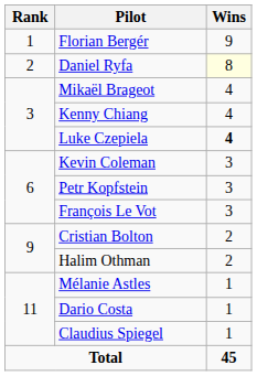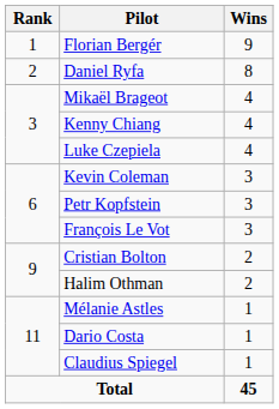 <table class="wikitable">
 <tr>
 <th width="45">Rank</th>
 <th width="150">Pilot</th>
 <th width="40">Wins</th>
 </tr>
 <tr>
 <td align=center>1</td>
 <td> <a href='#'>Florian Bergér</a></td>
 <td align=center>9</td>
 </tr>
 <tr>
 <td align=center>2</td>
 <td> <a href='#'>Daniel Ryfa</a></td>
-<td align=center style="background: lightyellow;">8</td>
+<td align=center>8</td>
 </tr>
 <tr>
 <td rowspan=3 align=center>3</td>
 <td> <a href='#'>Mikaël Brageot</a></td>
 <td align=center>4</td>
 </tr>
 <tr>
 <td> <a href='#'>Kenny Chiang</a></td>
 <td align=center>4</td>
 </tr>
 <tr>
 <td> <a href='#'>Luke Czepiela</a></td>
-<td align=center><strong>4</strong></td>
+<td align=center>4</td>
 </tr>
 <tr>
 <td rowspan=3 align=center>6</td>
 <td> <a href='#'>Kevin Coleman</a></td>
 <td align=center>3</td>
 </tr>
 <tr>
 <td> <a href='#'>Petr Kopfstein</a></td>
 <td align=center>3</td>
 </tr>
 <tr>
 <td> <a href='#'>François Le Vot</a></td>
 <td align=center>3</td>
 </tr>
 <tr>
 <td rowspan=2 align=center>9</td>
 <td> <a href='#'>Cristian Bolton</a></td>
 <td align=center>2</td>
 </tr>
 <tr>
 <td> Halim Othman</td>
 <td align=center>2</td>
 </tr>
 <tr>
 <td rowspan=3 align=center>11</td>
 <td> <a href='#'>Mélanie Astles</a></td>
 <td align=center>1</td>
 </tr>
 <tr>
 <td> <a href='#'>Dario Costa</a></td>
 <td align=center>1</td>
 </tr>
 <tr>
 <td> <a href='#'>Claudius Spiegel</a></td>
 <td align=center>1</td>
 </tr>
 <tr>
 <td colspan=2 align=center><strong>Total</strong></td>
 <td align=center><strong>45</strong></td>
 </tr>
 </table>
